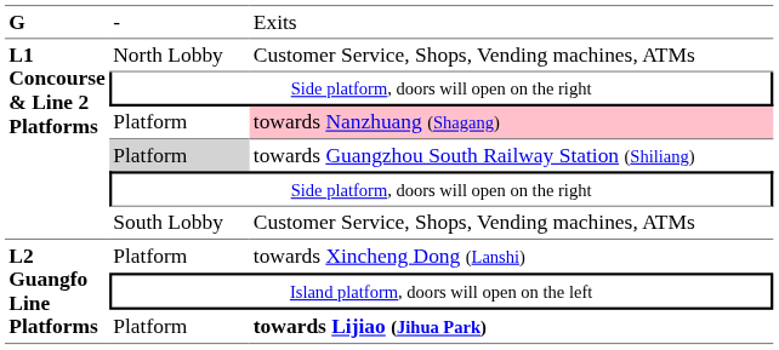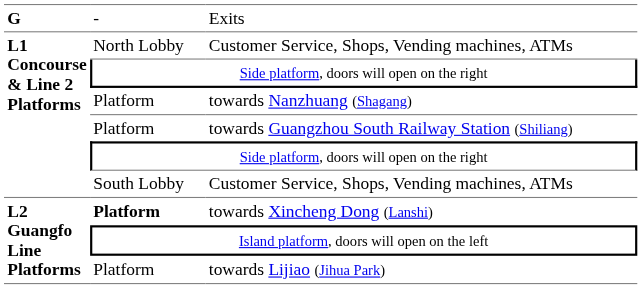 <table table border=0 cellspacing=0 cellpadding=3>
 <tr>
 <td style="border-top:solid 1px gray;" width=50 valign=top><strong>G</strong></td>
 <td style="border-top:solid 1px gray;" width=100 valign=top>-</td>
 <td style="border-top:solid 1px gray;" width=390 valign=top>Exits</td>
 </tr>
 <tr>
 <td style="border-bottom:solid 1px gray; border-top:solid 1px gray;" valign=top width=50 rowspan=6><strong>L1<br>Concourse & Line 2 Platforms</strong></td>
 <td style="border-bottom:solid 1px gray; border-top:solid 1px gray;" valign=top width=100>North Lobby</td>
 <td style="border-bottom:solid 1px gray; border-top:solid 1px gray;" valign=top width=390>Customer Service, Shops, Vending machines, ATMs</td>
 </tr>
 <tr>
 <td style="border-right:solid 2px black;border-left:solid 2px black;border-bottom:solid 2px black;text-align:center;" colspan=2><small><a href='#'>Side platform</a>, doors will open on the right</small></td>
 </tr>
 <tr>
 <td style="border-bottom:solid 1px gray;" width=100>Platform </td>
-<td style="background: pink; border-bottom:solid 1px gray;" width=390>  towards <a href='#'>Nanzhuang</a> <small>(<a href='#'>Shagang</a>)</small></td>
+<td style="border-bottom:solid 1px gray;" width=390>  towards <a href='#'>Nanzhuang</a> <small>(<a href='#'>Shagang</a>)</small></td>
 </tr>
 <tr>
-<td style="background: lightgrey;">Platform </td>
+<td>Platform </td>
 <td> towards <a href='#'>Guangzhou South Railway Station</a> <small>(<a href='#'>Shiliang</a>)</small> </td>
 </tr>
 <tr>
 <td style="border-top:solid 2px black;border-right:solid 2px black;border-left:solid 2px black;border-bottom:solid 1px gray;text-align:center;" colspan=2><small><a href='#'>Side platform</a>, doors will open on the right</small></td>
 </tr>
 <tr>
 <td style="border-bottom:solid 1px gray;" valign=top width=100>South Lobby</td>
 <td style="border-bottom:solid 1px gray;" valign=top width=390>Customer Service, Shops, Vending machines, ATMs</td>
 </tr>
 <tr>
 <td style="border-bottom:solid 1px gray;" rowspan=4 valign=top><strong>L2<br>Guangfo Line Platforms</strong></td>
-<td>Platform </td>
+<td><strong>Platform </strong></td>
 <td>  towards <a href='#'>Xincheng Dong</a> <small>(<a href='#'>Lanshi</a>)</small></td>
 </tr>
 <tr>
 <td style="border-right:solid 2px black;border-left:solid 2px black;border-top:solid 2px black;border-bottom:solid 2px black;text-align:center;" colspan=2><small><a href='#'>Island platform</a>, doors will open on the left</small></td>
 </tr>
 <tr>
 <td style="border-bottom:solid 1px gray;">Platform </td>
-<td style="border-bottom:solid 1px gray;"><strong> towards <a href='#'>Lijiao</a> <small>(<a href='#'>Jihua Park</a>)</small> </strong></td>
+<td style="border-bottom:solid 1px gray;"> towards <a href='#'>Lijiao</a> <small>(<a href='#'>Jihua Park</a>)</small> </td>
 </tr>
 </table>
